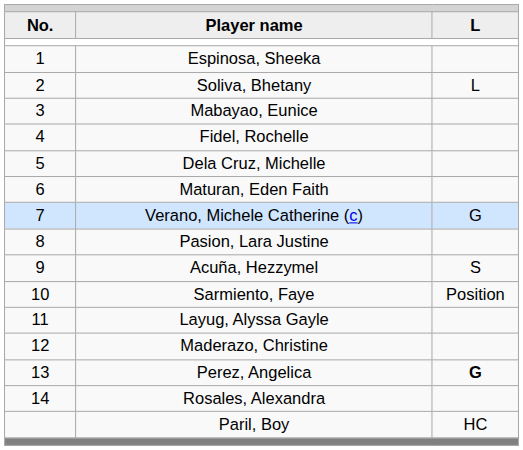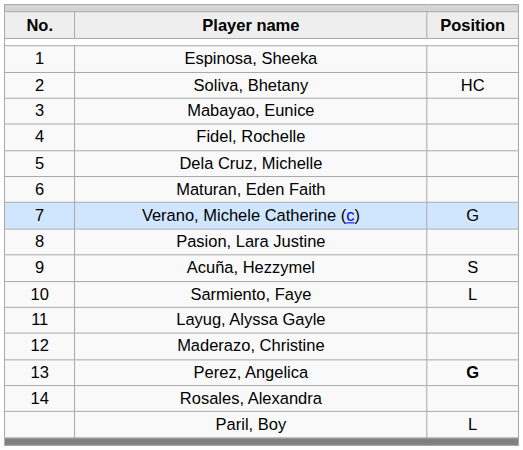 <table class='wikitable mw-collapsible mw-collapsed' style='text-align: center; width: 500px; border: none;'>
 <tr>
 <th style="background:#D4D4D4; text-align:left;" colspan=3></th>
 </tr>
 <tr style="background:#EEEEEE; font-weight:bold;">
 <td width=10%>No.</td>
 <td width=50%>Player name</td>
-<td align=center>L</td>
+<td width=10%>Position</td>
 </tr>
 <tr style="background:#FFFFFF;">
 <td colspan=3 align=center></td>
 </tr>
 <tr>
 <td align=center>1</td>
 <td>Espinosa, Sheeka</td>
 <td align=center></td>
 </tr>
 <tr>
 <td align=center>2</td>
 <td>Soliva, Bhetany</td>
-<td align=center>L</td>
+<td align=center>HC</td>
 </tr>
 <tr>
 <td align=center>3</td>
 <td>Mabayao, Eunice</td>
 <td align=center></td>
 </tr>
 <tr>
 <td align=center>4</td>
 <td>Fidel, Rochelle</td>
 <td align=center></td>
 </tr>
 <tr>
 <td align=center>5</td>
 <td>Dela Cruz, Michelle</td>
 <td align=center></td>
 </tr>
 <tr>
 <td align=center>6</td>
 <td>Maturan, Eden Faith</td>
 <td align=center></td>
 </tr>
 <tr style="background: #D0E6FF;">
 <td align=center>7</td>
 <td>Verano, Michele Catherine (<a href='#'>c</a>)</td>
 <td align=center>G</td>
 </tr>
 <tr>
 <td align=center>8</td>
 <td>Pasion, Lara Justine</td>
 <td align=center></td>
 </tr>
 <tr>
 <td align=center>9</td>
 <td>Acuña, Hezzymel</td>
 <td align=center>S</td>
 </tr>
 <tr>
 <td align=center>10</td>
 <td>Sarmiento, Faye</td>
-<td width=10%>Position</td>
+<td align=center>L</td>
 </tr>
 <tr>
 <td align=center>11</td>
 <td>Layug, Alyssa Gayle</td>
 <td align=center></td>
 </tr>
 <tr>
 <td align=center>12</td>
 <td>Maderazo, Christine</td>
 <td align=center></td>
 </tr>
 <tr>
 <td align=center>13</td>
 <td>Perez, Angelica</td>
 <td align=center><strong>G</strong></td>
 </tr>
 <tr>
 <td align=center>14</td>
 <td>Rosales, Alexandra</td>
 <td align=center></td>
 </tr>
 <tr>
 <td align=center></td>
 <td>Paril, Boy</td>
-<td align=center>HC</td>
+<td align=center>L</td>
 </tr>
 <tr>
 <th style='background: grey;' colspan=3></th>
 </tr>
 </table>
